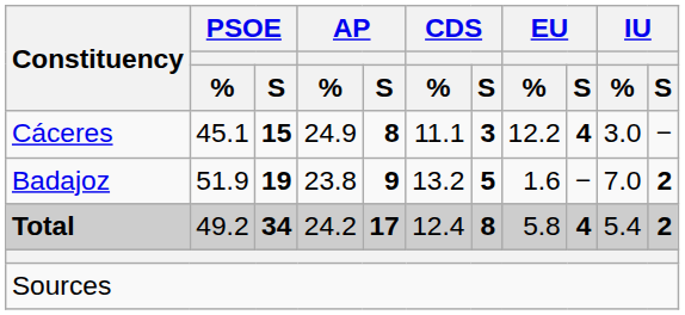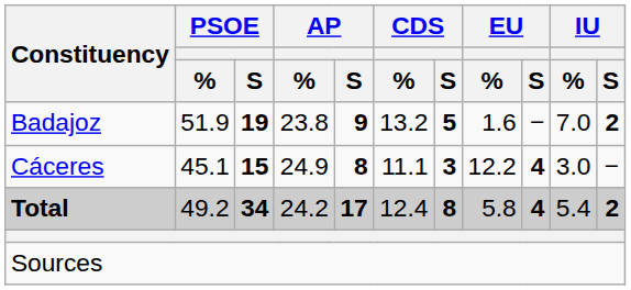 <table class="wikitable sortable" style="text-align:right; line-height:20px;">
 <tr>
 <th rowspan="3">Constituency</th>
 <th colspan="2" width="30px" class="unsortable"><a href='#'>PSOE</a></th>
 <th colspan="2" width="30px" class="unsortable"><a href='#'>AP</a></th>
 <th colspan="2" width="30px" class="unsortable"><a href='#'>CDS</a></th>
 <th colspan="2" width="30px" class="unsortable"><a href='#'>EU</a></th>
 <th colspan="2" width="30px" class="unsortable"><a href='#'>IU</a></th>
 </tr>
 <tr>
 <th colspan="2" style="background:"></th>
 <th colspan="2" style="background:"></th>
 <th colspan="2" style="background:"></th>
 <th colspan="2" style="background:"></th>
 <th colspan="2" style="background:"></th>
 </tr>
 <tr>
 <th data-sort-type="number">%</th>
 <th data-sort-type="number">S</th>
 <th data-sort-type="number">%</th>
 <th data-sort-type="number">S</th>
 <th data-sort-type="number">%</th>
 <th data-sort-type="number">S</th>
 <th data-sort-type="number">%</th>
 <th data-sort-type="number">S</th>
 <th data-sort-type="number">%</th>
 <th data-sort-type="number">S</th>
 </tr>
 <tr>
+<td align="left"><a href='#'>Badajoz</a></td>
+<td style="background:">51.9</td>
+<td><strong>19</strong></td>
+<td>23.8</td>
+<td><strong>9</strong></td>
+<td>13.2</td>
+<td><strong>5</strong></td>
+<td>1.6</td>
+<td>−</td>
+<td>7.0</td>
+<td><strong>2</strong></td>
+</tr>
+<tr>
 <td align="left"><a href='#'>Cáceres</a></td>
 <td style="background:">45.1</td>
 <td><strong>15</strong></td>
 <td>24.9</td>
 <td><strong>8</strong></td>
 <td>11.1</td>
 <td><strong>3</strong></td>
 <td>12.2</td>
 <td><strong>4</strong></td>
 <td>3.0</td>
 <td>−</td>
-</tr>
-<tr>
-<td align="left"><a href='#'>Badajoz</a></td>
-<td style="background:">51.9</td>
-<td><strong>19</strong></td>
-<td>23.8</td>
-<td><strong>9</strong></td>
-<td>13.2</td>
-<td><strong>5</strong></td>
-<td>1.6</td>
-<td>−</td>
-<td>7.0</td>
-<td><strong>2</strong></td>
 </tr>
 <tr style="background:#CDCDCD;">
 <td align="left"><strong>Total</strong></td>
 <td style="background:">49.2</td>
 <td><strong>34</strong></td>
 <td>24.2</td>
 <td><strong>17</strong></td>
 <td>12.4</td>
 <td><strong>8</strong></td>
 <td>5.8</td>
 <td><strong>4</strong></td>
 <td>5.4</td>
 <td><strong>2</strong></td>
 </tr>
 <tr>
 <th colspan="11"></th>
 </tr>
 <tr>
 <th style="text-align:left; font-weight:normal; background:#F9F9F9" colspan="11">Sources</th>
 </tr>
 </table>
